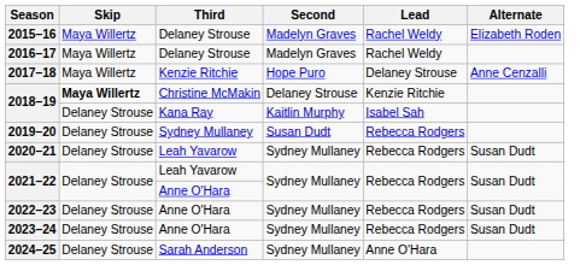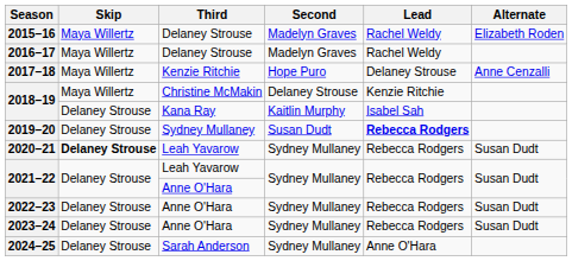 <table class="wikitable">
 <tr>
 <th scope="col">Season</th>
 <th scope="col">Skip</th>
 <th scope="col">Third</th>
 <th scope="col">Second</th>
 <th scope="col">Lead</th>
 <th scope="col">Alternate</th>
 </tr>
 <tr>
 <th scope="row">2015–16</th>
 <td><a href='#'>Maya Willertz</a></td>
 <td>Delaney Strouse</td>
 <td><a href='#'>Madelyn Graves</a></td>
 <td><a href='#'>Rachel Weldy</a></td>
 <td><a href='#'>Elizabeth Roden</a></td>
 </tr>
 <tr>
 <th scope="row">2016–17</th>
 <td>Maya Willertz</td>
 <td>Delaney Strouse</td>
 <td>Madelyn Graves</td>
 <td>Rachel Weldy</td>
 <td></td>
 </tr>
 <tr>
 <th scope="row">2017–18</th>
 <td>Maya Willertz</td>
 <td><a href='#'>Kenzie Ritchie</a></td>
 <td><a href='#'>Hope Puro</a></td>
 <td>Delaney Strouse</td>
 <td><a href='#'>Anne Cenzalli</a></td>
 </tr>
 <tr>
 <th scope="row" rowspan=2>2018–19</th>
-<td><strong>Maya Willertz</strong></td>
+<td>Maya Willertz</td>
 <td><a href='#'>Christine McMakin</a></td>
 <td>Delaney Strouse</td>
 <td>Kenzie Ritchie</td>
 <td></td>
 </tr>
 <tr>
 <td>Delaney Strouse</td>
 <td><a href='#'>Kana Ray</a></td>
 <td><a href='#'>Kaitlin Murphy</a></td>
 <td><a href='#'>Isabel Sah</a></td>
 <td></td>
 </tr>
 <tr>
 <th scope="row">2019–20</th>
 <td>Delaney Strouse</td>
 <td><a href='#'>Sydney Mullaney</a></td>
 <td><a href='#'>Susan Dudt</a></td>
-<td><a href='#'>Rebecca Rodgers</a></td>
+<td><strong><a href='#'>Rebecca Rodgers</a></strong></td>
 <td></td>
 </tr>
 <tr>
 <th scope="row">2020–21</th>
-<td>Delaney Strouse</td>
+<td><strong>Delaney Strouse</strong></td>
 <td><a href='#'>Leah Yavarow</a></td>
 <td>Sydney Mullaney</td>
 <td>Rebecca Rodgers</td>
 <td>Susan Dudt</td>
 </tr>
 <tr>
 <th scope="row" rowspan=2>2021–22</th>
 <td rowspan=2>Delaney Strouse</td>
 <td>Leah Yavarow</td>
 <td rowspan=2>Sydney Mullaney</td>
 <td rowspan=2>Rebecca Rodgers</td>
 <td rowspan=2>Susan Dudt</td>
 </tr>
 <tr>
 <td><a href='#'>Anne O'Hara</a></td>
 </tr>
 <tr>
 <th scope="row">2022–23</th>
 <td>Delaney Strouse</td>
 <td>Anne O'Hara</td>
 <td>Sydney Mullaney</td>
 <td>Rebecca Rodgers</td>
 <td>Susan Dudt</td>
 </tr>
 <tr>
 <th scope="row">2023–24</th>
 <td>Delaney Strouse</td>
 <td>Anne O'Hara</td>
 <td>Sydney Mullaney</td>
 <td>Rebecca Rodgers</td>
 <td>Susan Dudt</td>
 </tr>
 <tr>
 <th scope="row">2024–25</th>
 <td>Delaney Strouse</td>
 <td><a href='#'>Sarah Anderson</a></td>
 <td>Sydney Mullaney</td>
 <td>Anne O'Hara</td>
 <td></td>
 </tr>
 </table>
